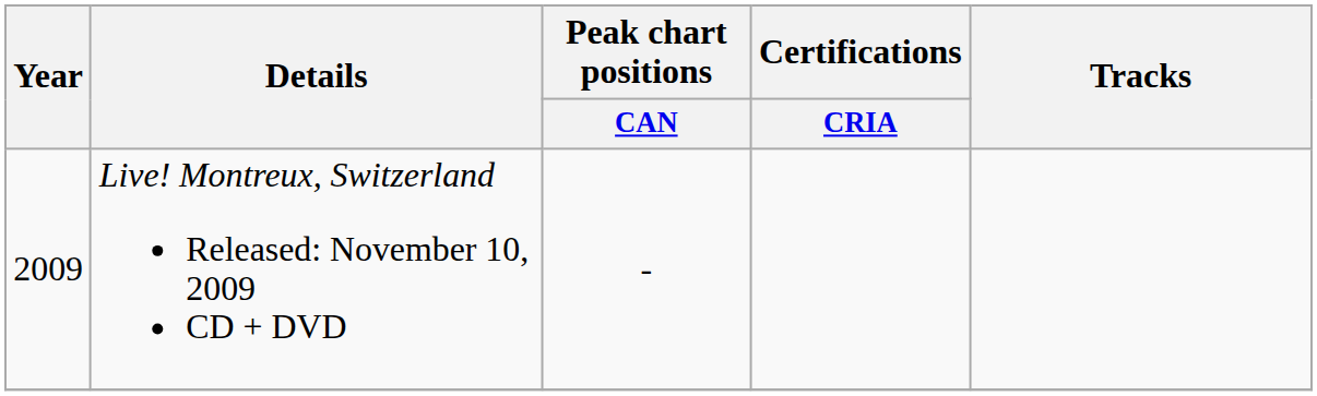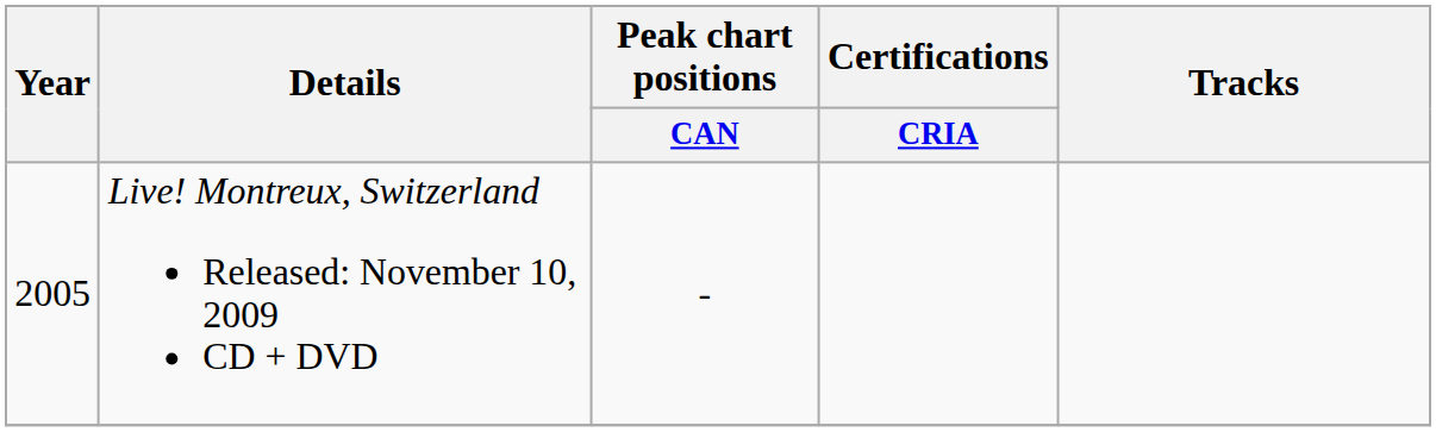 <table class="wikitable">
 <tr>
 <th rowspan="2">Year</th>
 <th rowspan="2" width="200">Details</th>
 <th colspan="1">Peak chart positions</th>
 <th colspan="1">Certifications</th>
 <th rowspan="2" width="150">Tracks</th>
 </tr>
 <tr style="font-size: smaller;">
 <th width="90"><a href='#'>CAN</a><br></th>
 <th width="90"><a href='#'>CRIA</a><br></th>
 </tr>
 <tr>
-<td>2009</td>
+<td>2005</td>
 <td><em>Live! Montreux, Switzerland</em><br><ul><li>Released: November 10, 2009</li><li>CD + DVD</li></ul></td>
 <td align="center">-</td>
 <td align="center"></td>
 <td></td>
 </tr>
 <tr>
 </tr>
 </table>
